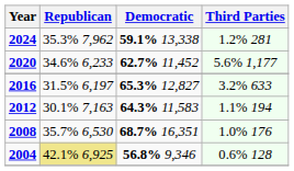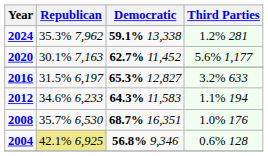 <table class="wikitable" style="float:right; font-size:95%;">
 <tr bgcolor=lightgrey>
 <th>Year</th>
 <th><a href='#'>Republican</a></th>
 <th><a href='#'>Democratic</a></th>
 <th><a href='#'>Third Parties</a></th>
 </tr>
 <tr>
 <td style="text-align:center; "><strong><a href='#'>2024</a></strong></td>
 <td style="text-align:center; ">35.3% <em>7,962</em></td>
 <td style="text-align:center; "><strong>59.1%</strong>  <em>13,338</em></td>
 <td style="text-align:center; background:honeyDew;">1.2% <em>281</em></td>
 </tr>
 <tr>
 <td style="text-align:center; "><strong><a href='#'>2020</a></strong></td>
-<td style="text-align:center; ">34.6% <em>6,233</em></td>
+<td style="text-align:center; ">30.1% <em>7,163</em></td>
 <td style="text-align:center; "><strong>62.7%</strong>  <em>11,452</em></td>
 <td style="text-align:center; background:honeyDew;">5.6% <em>1,177</em></td>
 </tr>
 <tr>
 </tr>
 <tr>
 <td style="text-align:center; "><strong><a href='#'>2016</a></strong></td>
 <td style="text-align:center; ">31.5% <em>6,197</em></td>
 <td style="text-align:center; "><strong>65.3%</strong> <em>12,827</em></td>
 <td style="text-align:center; background:honeyDew;">3.2% <em>633</em></td>
 </tr>
 <tr>
 <td style="text-align:center; "><strong><a href='#'>2012</a></strong></td>
-<td style="text-align:center; ">30.1% <em>7,163</em></td>
+<td style="text-align:center; ">34.6% <em>6,233</em></td>
 <td style="text-align:center; "><strong>64.3%</strong>  <em>11,583</em></td>
 <td style="text-align:center; background:honeyDew;">1.1% <em>194</em></td>
 </tr>
 <tr>
 <td style="text-align:center; "><strong><a href='#'>2008</a></strong></td>
 <td style="text-align:center; ">35.7% <em>6,530</em></td>
 <td style="text-align:center; "><strong>68.7%</strong> <em>16,351</em></td>
 <td style="text-align:center; background:honeyDew;">1.0% <em>176</em></td>
 </tr>
 <tr>
 <td style="text-align:center; "><strong><a href='#'>2004</a></strong></td>
 <td style="background: khaki; text-align:center; ">42.1% <em>6,925</em></td>
 <td style="text-align:center; "><strong>56.8%</strong>  <em>9,346</em></td>
 <td style="text-align:center; background:honeyDew;">0.6% <em>128</em></td>
 </tr>
 <tr>
 </tr>
 </table>
